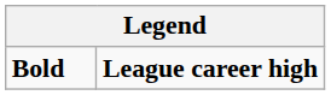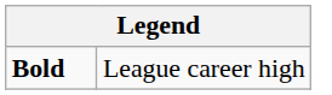 <table class="wikitable">
 <tr>
 <th colspan="2">Legend</th>
 </tr>
 <tr>
 <td style="width:3em;"><strong>Bold</strong></td>
-<td><strong>League career high</strong></td>
+<td>League career high</td>
 </tr>
 </table>
